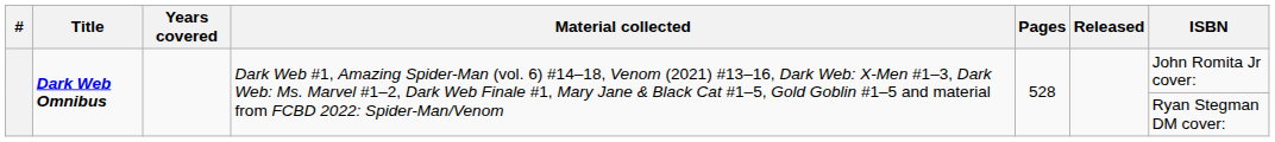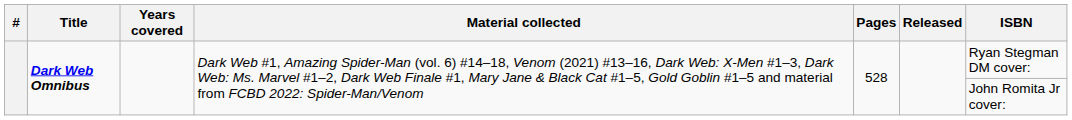 <table class="wikitable sortable" width="99%">
 <tr>
 <th class="unsortable" width="20px">#</th>
 <th>Title</th>
 <th>Years covered</th>
 <th class="unsortable">Material collected</th>
 <th>Pages</th>
 <th>Released</th>
 <th class="unsortable">ISBN</th>
 </tr>
 <tr>
 <th rowspan="2" style="background-color: light grey;"></th>
 <td rowspan="2"><strong><em><a href='#'>Dark Web</a> Omnibus</em></strong></td>
 <td rowspan="2"></td>
 <td rowspan="2"><em>Dark Web</em> #1, <em>Amazing Spider-Man</em> (vol. 6) #14–18, <em>Venom</em> (2021) #13–16, <em>Dark Web: X-Men</em> #1–3, <em>Dark Web: Ms. Marvel</em> #1–2, <em>Dark Web Finale</em> #1, <em>Mary Jane & Black Cat</em> #1–5, <em>Gold Goblin</em> #1–5 and material from <em>FCBD 2022: Spider-Man/Venom</em></td>
 <td rowspan="2" style="text-align: center;">528</td>
 <td rowspan="2"></td>
+<td>Ryan Stegman DM cover: </td>
+</tr>
+<tr>
 <td>John Romita Jr cover: </td>
 </tr>
-<tr>
-<td>Ryan Stegman DM cover: </td>
-</tr>
 </table>
